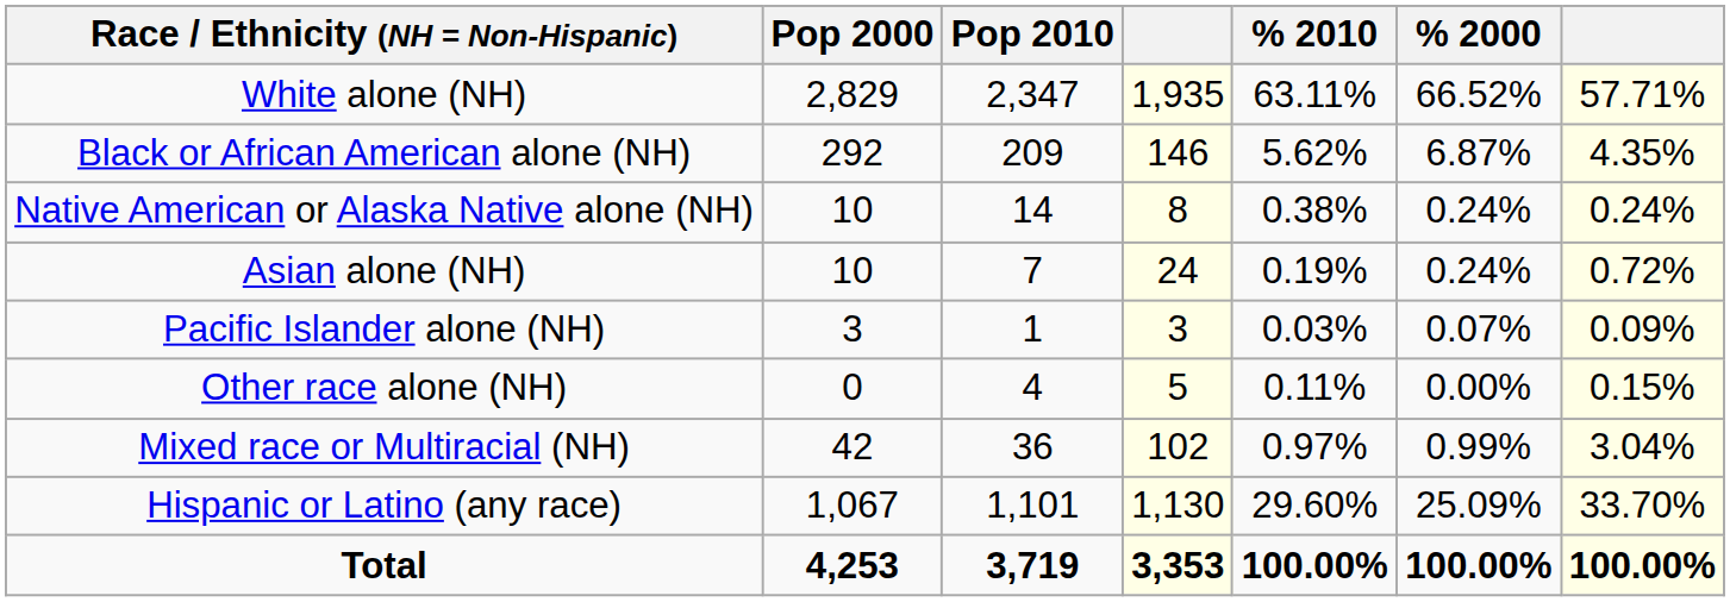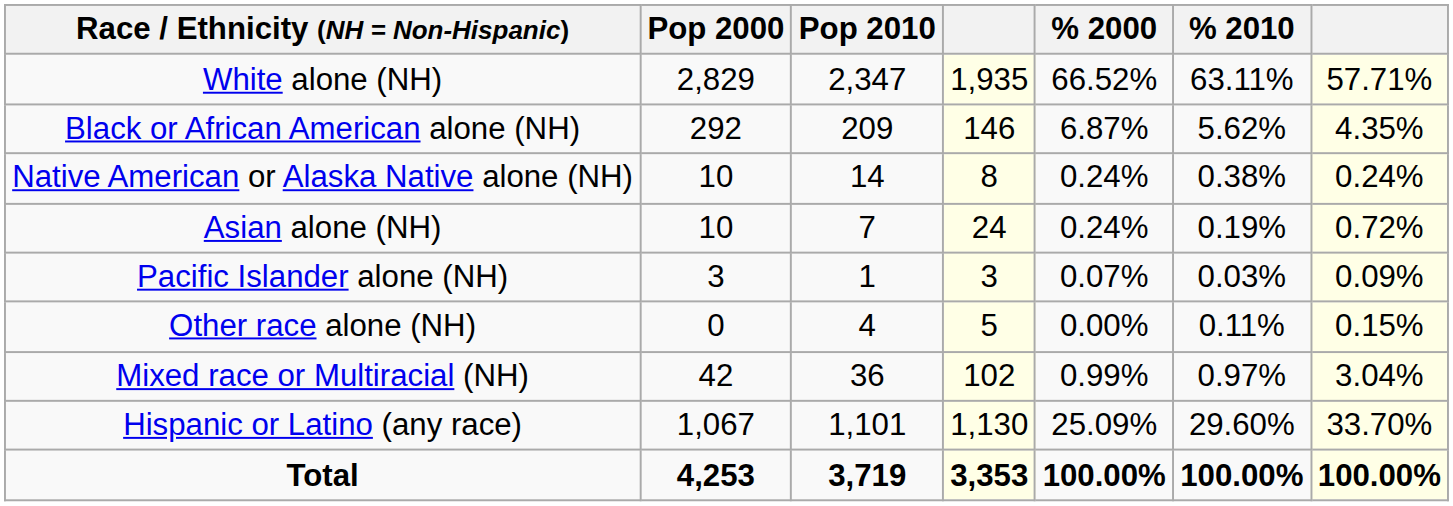 <table class="wikitable" style="text-align:center;">
 <tr>
 <th>Race / Ethnicity <small>(<em>NH = Non-Hispanic</em>)</small></th>
 <th>Pop 2000</th>
 <th>Pop 2010</th>
 <th></th>
+<th>% 2000</th>
 <th>% 2010</th>
-<th>% 2000</th>
 <th></th>
 </tr>
 <tr>
 <td><a href='#'>White</a> alone (NH)</td>
 <td>2,829</td>
 <td>2,347</td>
 <td style='background: #ffffe6;'>1,935</td>
+<td>66.52%</td>
 <td>63.11%</td>
-<td>66.52%</td>
 <td style='background: #ffffe6;'>57.71%</td>
 </tr>
 <tr>
 <td><a href='#'>Black or African American</a> alone (NH)</td>
 <td>292</td>
 <td>209</td>
 <td style='background: #ffffe6;'>146</td>
+<td>6.87%</td>
 <td>5.62%</td>
-<td>6.87%</td>
 <td style='background: #ffffe6;'>4.35%</td>
 </tr>
 <tr>
 <td><a href='#'>Native American</a> or <a href='#'>Alaska Native</a> alone (NH)</td>
 <td>10</td>
 <td>14</td>
 <td style='background: #ffffe6;'>8</td>
+<td>0.24%</td>
 <td>0.38%</td>
-<td>0.24%</td>
 <td style='background: #ffffe6;'>0.24%</td>
 </tr>
 <tr>
 <td><a href='#'>Asian</a> alone (NH)</td>
 <td>10</td>
 <td>7</td>
 <td style='background: #ffffe6;'>24</td>
+<td>0.24%</td>
 <td>0.19%</td>
-<td>0.24%</td>
 <td style='background: #ffffe6;'>0.72%</td>
 </tr>
 <tr>
 <td><a href='#'>Pacific Islander</a> alone (NH)</td>
 <td>3</td>
 <td>1</td>
 <td style='background: #ffffe6;'>3</td>
+<td>0.07%</td>
 <td>0.03%</td>
-<td>0.07%</td>
 <td style='background: #ffffe6;'>0.09%</td>
 </tr>
 <tr>
 <td><a href='#'>Other race</a> alone (NH)</td>
 <td>0</td>
 <td>4</td>
 <td style='background: #ffffe6;'>5</td>
+<td>0.00%</td>
 <td>0.11%</td>
-<td>0.00%</td>
 <td style='background: #ffffe6;'>0.15%</td>
 </tr>
 <tr>
 <td><a href='#'>Mixed race or Multiracial</a> (NH)</td>
 <td>42</td>
 <td>36</td>
 <td style='background: #ffffe6;'>102</td>
+<td>0.99%</td>
 <td>0.97%</td>
-<td>0.99%</td>
 <td style='background: #ffffe6;'>3.04%</td>
 </tr>
 <tr>
 <td><a href='#'>Hispanic or Latino</a> (any race)</td>
 <td>1,067</td>
 <td>1,101</td>
 <td style='background: #ffffe6;'>1,130</td>
+<td>25.09%</td>
 <td>29.60%</td>
-<td>25.09%</td>
 <td style='background: #ffffe6;'>33.70%</td>
 </tr>
 <tr>
 <td><strong>Total</strong></td>
 <td><strong>4,253</strong></td>
 <td><strong>3,719</strong></td>
 <td style='background: #ffffe6;'><strong>3,353</strong></td>
 <td><strong>100.00%</strong></td>
 <td><strong>100.00%</strong></td>
 <td style='background: #ffffe6;'><strong>100.00%</strong></td>
 </tr>
 </table>
